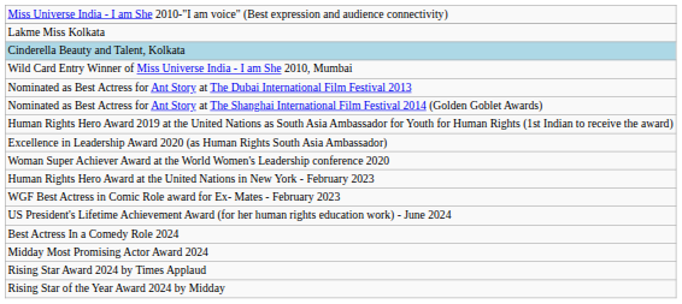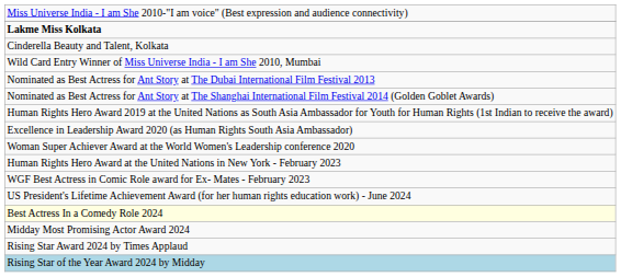 <table class="wikitable sortable">
 <tr>
 <td><a href='#'>Miss Universe India - I am She</a> 2010-"I am voice" (Best expression and audience connectivity)</td>
 </tr>
 <tr>
 </tr>
 <tr>
-<td>Lakme Miss Kolkata</td>
+<td><strong>Lakme Miss Kolkata</strong></td>
 </tr>
 <tr>
-<td style="background: lightblue;">Cinderella Beauty and Talent, Kolkata</td>
+<td>Cinderella Beauty and Talent, Kolkata</td>
 </tr>
 <tr>
 <td>Wild Card Entry Winner of <a href='#'>Miss Universe India - I am She</a> 2010, Mumbai</td>
 </tr>
 <tr>
 <td>Nominated as Best Actress for <a href='#'>Ant Story</a> at <a href='#'>The Dubai International Film Festival 2013</a></td>
 </tr>
 <tr>
 <td>Nominated as Best Actress for <a href='#'>Ant Story</a> at <a href='#'>The Shanghai International Film Festival 2014</a> (Golden Goblet Awards)</td>
 </tr>
 <tr>
 <td>Human Rights Hero Award 2019 at the United Nations as South Asia Ambassador for Youth for Human Rights (1st Indian to receive the award)</td>
 </tr>
 <tr>
 <td>Excellence in Leadership Award 2020 (as Human Rights South Asia Ambassador)</td>
 </tr>
 <tr>
 <td>Woman Super Achiever Award at the World Women's Leadership conference 2020</td>
 </tr>
 <tr Nominated as the Best Anchor / EMCEE for Entertainers Connect 2012 Awards>
 <td>Human Rights Hero Award at the United Nations in New York - February 2023</td>
 </tr>
 <tr>
 <td>WGF Best Actress in Comic Role award for Ex- Mates - February 2023</td>
 </tr>
 <tr>
 <td>US President's Lifetime Achievement Award (for her human rights education work) - June 2024</td>
 </tr>
 <tr>
-<td>Best Actress In a Comedy Role 2024</td>
+<td style="background: lightyellow;">Best Actress In a Comedy Role 2024</td>
 </tr>
 <tr>
 <td>Midday Most Promising Actor Award 2024</td>
 </tr>
 <tr>
 <td>Rising Star Award 2024 by Times Applaud</td>
 </tr>
 <tr>
-<td>Rising Star of the Year Award 2024 by Midday</td>
+<td style="background: lightblue;">Rising Star of the Year Award 2024 by Midday</td>
 </tr>
 </table>
